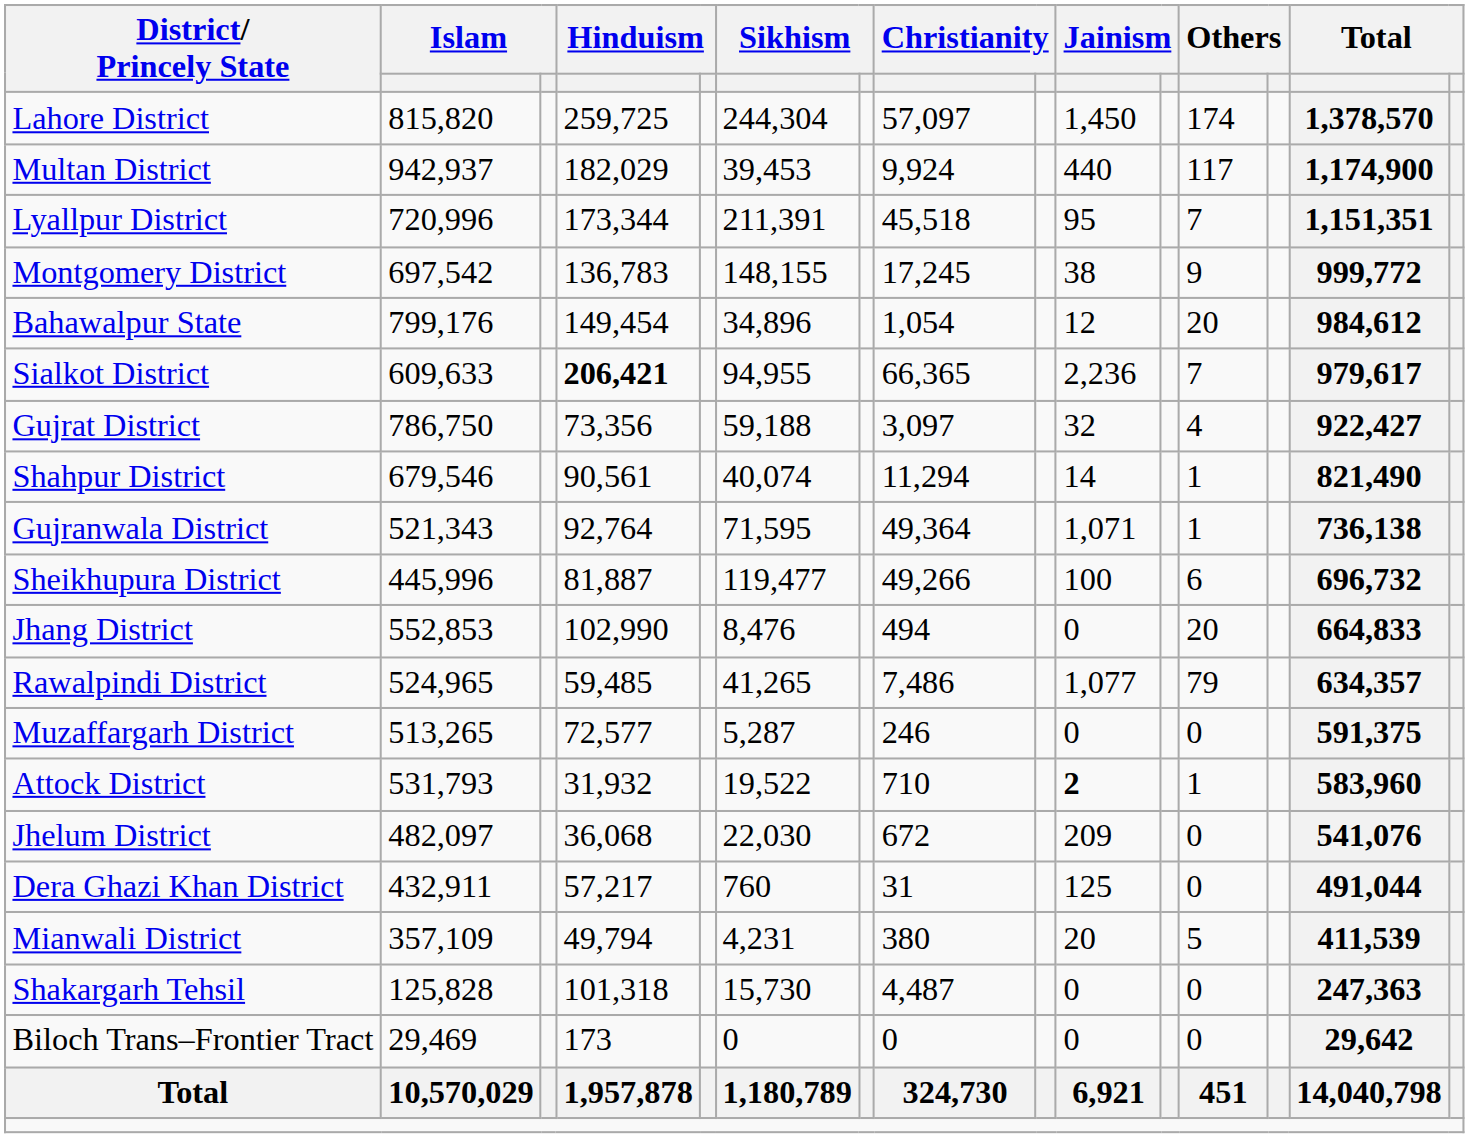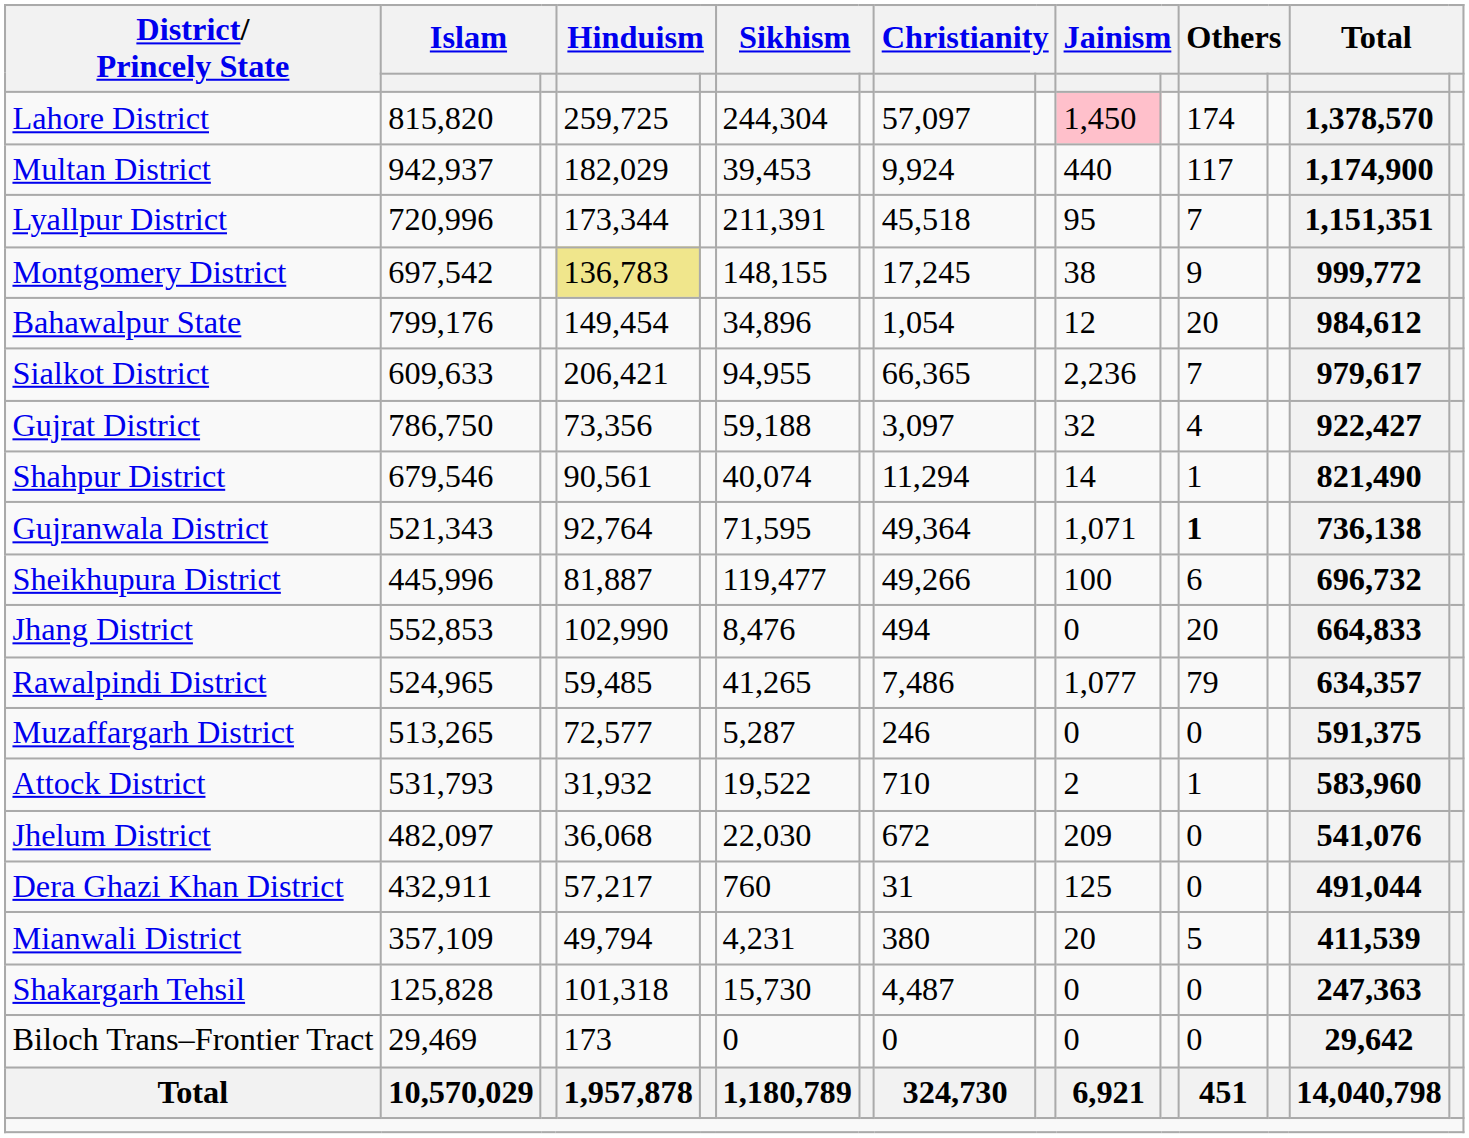 <table class="wikitable sortable">
 <tr>
 <th rowspan="2"><a href='#'>District</a>/<br><a href='#'>Princely State</a></th>
 <th colspan="2"><a href='#'>Islam</a> </th>
 <th colspan="2"><a href='#'>Hinduism</a> </th>
 <th colspan="2"><a href='#'>Sikhism</a> </th>
 <th colspan="2"><a href='#'>Christianity</a> </th>
 <th colspan="2"><a href='#'>Jainism</a> </th>
 <th colspan="2">Others</th>
 <th colspan="2">Total</th>
 </tr>
 <tr>
 <th><a href='#'></a></th>
 <th></th>
 <th></th>
 <th></th>
 <th></th>
 <th></th>
 <th></th>
 <th></th>
 <th></th>
 <th></th>
 <th></th>
 <th></th>
 <th></th>
 <th></th>
 </tr>
 <tr>
 <td><a href='#'>Lahore District</a></td>
 <td>815,820</td>
 <td></td>
 <td>259,725</td>
 <td></td>
 <td>244,304</td>
 <td></td>
 <td>57,097</td>
 <td></td>
-<td>1,450</td>
+<td style="background: pink;">1,450</td>
 <td></td>
 <td>174</td>
 <td></td>
 <th>1,378,570</th>
 <th></th>
 </tr>
 <tr>
 <td><a href='#'>Multan District</a></td>
 <td>942,937</td>
 <td></td>
 <td>182,029</td>
 <td></td>
 <td>39,453</td>
 <td></td>
 <td>9,924</td>
 <td></td>
 <td>440</td>
 <td></td>
 <td>117</td>
 <td></td>
 <th>1,174,900</th>
 <th></th>
 </tr>
 <tr>
 <td><a href='#'>Lyallpur District</a></td>
 <td>720,996</td>
 <td></td>
 <td>173,344</td>
 <td></td>
 <td>211,391</td>
 <td></td>
 <td>45,518</td>
 <td></td>
 <td>95</td>
 <td></td>
 <td>7</td>
 <td></td>
 <th>1,151,351</th>
 <th></th>
 </tr>
 <tr>
 <td><a href='#'>Montgomery District</a></td>
 <td>697,542</td>
 <td></td>
-<td>136,783</td>
+<td style="background: khaki;">136,783</td>
 <td></td>
 <td>148,155</td>
 <td></td>
 <td>17,245</td>
 <td></td>
 <td>38</td>
 <td></td>
 <td>9</td>
 <td></td>
 <th>999,772</th>
 <th></th>
 </tr>
 <tr>
 <td><a href='#'>Bahawalpur State</a></td>
 <td>799,176</td>
 <td></td>
 <td>149,454</td>
 <td></td>
 <td>34,896</td>
 <td></td>
 <td>1,054</td>
 <td></td>
 <td>12</td>
 <td></td>
 <td>20</td>
 <td></td>
 <th>984,612</th>
 <th></th>
 </tr>
 <tr>
 <td><a href='#'>Sialkot District</a></td>
 <td>609,633</td>
 <td></td>
-<td><strong>206,421</strong></td>
+<td>206,421</td>
 <td></td>
 <td>94,955</td>
 <td></td>
 <td>66,365</td>
 <td></td>
 <td>2,236</td>
 <td></td>
 <td>7</td>
 <td></td>
 <th>979,617</th>
 <th></th>
 </tr>
 <tr>
 <td><a href='#'>Gujrat District</a></td>
 <td>786,750</td>
 <td></td>
 <td>73,356</td>
 <td></td>
 <td>59,188</td>
 <td></td>
 <td>3,097</td>
 <td></td>
 <td>32</td>
 <td></td>
 <td>4</td>
 <td></td>
 <th>922,427</th>
 <th></th>
 </tr>
 <tr>
 <td><a href='#'>Shahpur District</a></td>
 <td>679,546</td>
 <td></td>
 <td>90,561</td>
 <td></td>
 <td>40,074</td>
 <td></td>
 <td>11,294</td>
 <td></td>
 <td>14</td>
 <td></td>
 <td>1</td>
 <td></td>
 <th>821,490</th>
 <th></th>
 </tr>
 <tr>
 <td><a href='#'>Gujranwala District</a></td>
 <td>521,343</td>
 <td></td>
 <td>92,764</td>
 <td></td>
 <td>71,595</td>
 <td></td>
 <td>49,364</td>
 <td></td>
 <td>1,071</td>
 <td></td>
-<td>1</td>
+<td><strong>1</strong></td>
 <td></td>
 <th>736,138</th>
 <th></th>
 </tr>
 <tr>
 <td><a href='#'>Sheikhupura District</a></td>
 <td>445,996</td>
 <td></td>
 <td>81,887</td>
 <td></td>
 <td>119,477</td>
 <td></td>
 <td>49,266</td>
 <td></td>
 <td>100</td>
 <td></td>
 <td>6</td>
 <td></td>
 <th>696,732</th>
 <th></th>
 </tr>
 <tr>
 <td><a href='#'>Jhang District</a></td>
 <td>552,853</td>
 <td></td>
 <td>102,990</td>
 <td></td>
 <td>8,476</td>
 <td></td>
 <td>494</td>
 <td></td>
 <td>0</td>
 <td></td>
 <td>20</td>
 <td></td>
 <th>664,833</th>
 <th></th>
 </tr>
 <tr>
 <td><a href='#'>Rawalpindi District</a></td>
 <td>524,965</td>
 <td></td>
 <td>59,485</td>
 <td></td>
 <td>41,265</td>
 <td></td>
 <td>7,486</td>
 <td></td>
 <td>1,077</td>
 <td></td>
 <td>79</td>
 <td></td>
 <th>634,357</th>
 <th></th>
 </tr>
 <tr>
 <td><a href='#'>Muzaffargarh District</a></td>
 <td>513,265</td>
 <td></td>
 <td>72,577</td>
 <td></td>
 <td>5,287</td>
 <td></td>
 <td>246</td>
 <td></td>
 <td>0</td>
 <td></td>
 <td>0</td>
 <td></td>
 <th>591,375</th>
 <th></th>
 </tr>
 <tr>
 <td><a href='#'>Attock District</a></td>
 <td>531,793</td>
 <td></td>
 <td>31,932</td>
 <td></td>
 <td>19,522</td>
 <td></td>
 <td>710</td>
 <td></td>
-<td><strong>2</strong></td>
+<td>2</td>
 <td></td>
 <td>1</td>
 <td></td>
 <th>583,960</th>
 <th></th>
 </tr>
 <tr>
 <td><a href='#'>Jhelum District</a></td>
 <td>482,097</td>
 <td></td>
 <td>36,068</td>
 <td></td>
 <td>22,030</td>
 <td></td>
 <td>672</td>
 <td></td>
 <td>209</td>
 <td></td>
 <td>0</td>
 <td></td>
 <th>541,076</th>
 <th></th>
 </tr>
 <tr>
 <td><a href='#'>Dera Ghazi Khan District</a></td>
 <td>432,911</td>
 <td></td>
 <td>57,217</td>
 <td></td>
 <td>760</td>
 <td></td>
 <td>31</td>
 <td></td>
 <td>125</td>
 <td></td>
 <td>0</td>
 <td></td>
 <th>491,044</th>
 <th></th>
 </tr>
 <tr>
 <td><a href='#'>Mianwali District</a></td>
 <td>357,109</td>
 <td></td>
 <td>49,794</td>
 <td></td>
 <td>4,231</td>
 <td></td>
 <td>380</td>
 <td></td>
 <td>20</td>
 <td></td>
 <td>5</td>
 <td></td>
 <th>411,539</th>
 <th></th>
 </tr>
 <tr>
 <td><a href='#'>Shakargarh Tehsil</a></td>
 <td>125,828</td>
 <td></td>
 <td>101,318</td>
 <td></td>
 <td>15,730</td>
 <td></td>
 <td>4,487</td>
 <td></td>
 <td>0</td>
 <td></td>
 <td>0</td>
 <td></td>
 <th>247,363</th>
 <th></th>
 </tr>
 <tr>
 <td>Biloch Trans–Frontier Tract</td>
 <td>29,469</td>
 <td></td>
 <td>173</td>
 <td></td>
 <td>0</td>
 <td></td>
 <td>0</td>
 <td></td>
 <td>0</td>
 <td></td>
 <td>0</td>
 <td></td>
 <th>29,642</th>
 <th></th>
 </tr>
 <tr>
 <th>Total</th>
 <th>10,570,029</th>
 <th></th>
 <th>1,957,878</th>
 <th></th>
 <th>1,180,789</th>
 <th></th>
 <th>324,730</th>
 <th></th>
 <th>6,921</th>
 <th></th>
 <th>451</th>
 <th></th>
 <th>14,040,798</th>
 <th></th>
 </tr>
 <tr class="sortbottom">
 <td colspan="15"></td>
 </tr>
 </table>
